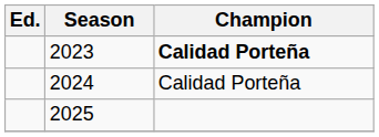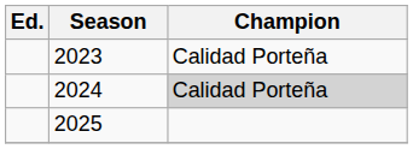 <table class="wikitable sortable">
 <tr>
 <th width=px>Ed.</th>
 <th width=80px>Season</th>
 <th width=170px>Champion</th>
 </tr>
 <tr>
 <td></td>
 <td>2023</td>
-<td><strong>Calidad Porteña</strong></td>
+<td>Calidad Porteña</td>
 </tr>
 <tr>
 <td></td>
 <td>2024</td>
-<td>Calidad Porteña</td>
+<td style="background: lightgrey;">Calidad Porteña</td>
 </tr>
 <tr>
 <td></td>
 <td>2025</td>
 <td></td>
 </tr>
 <tr>
 </tr>
 </table>
